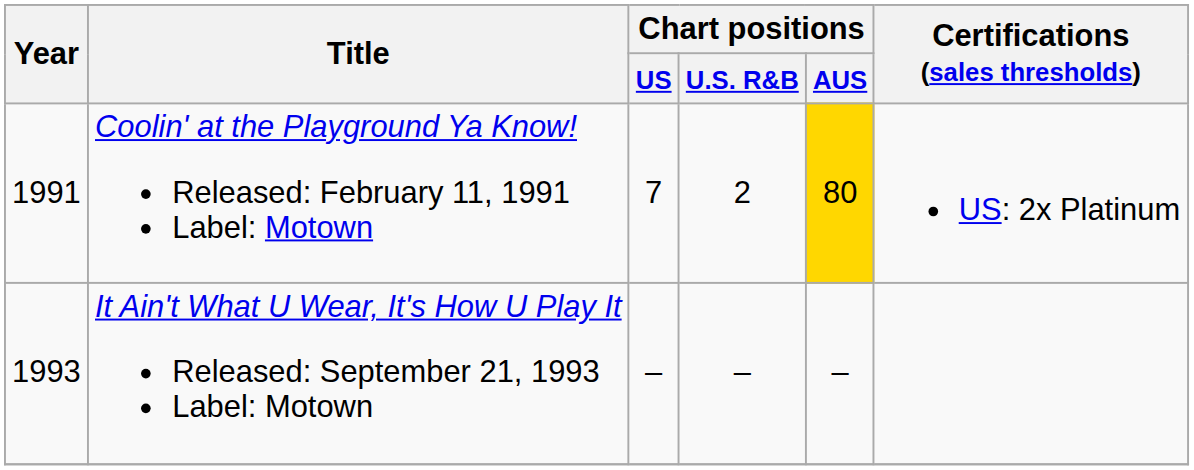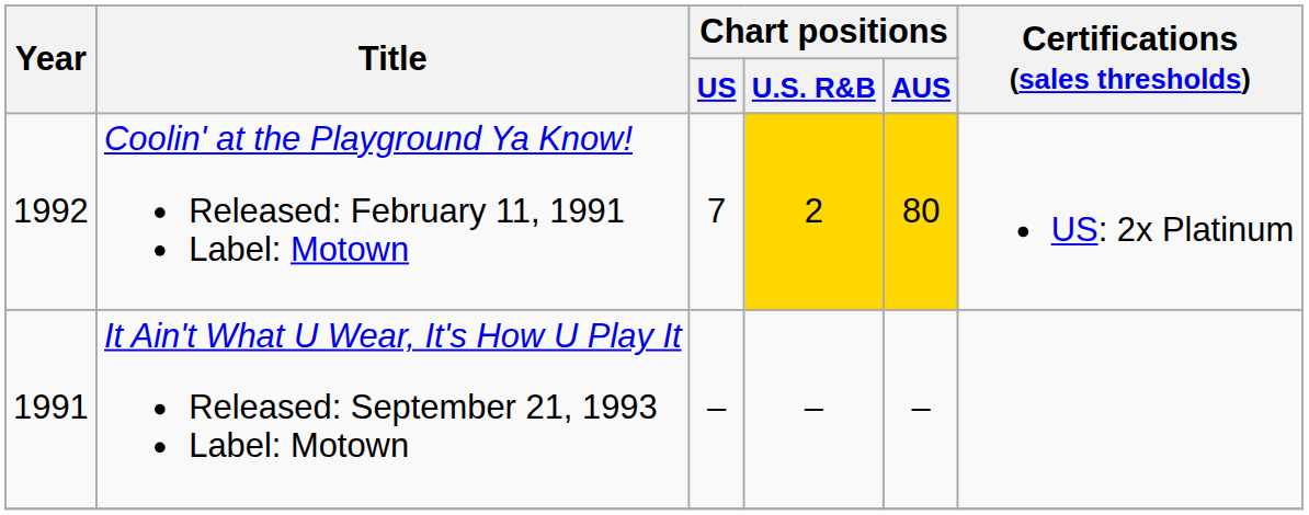 <table class="wikitable">
 <tr>
 <th rowspan="2">Year</th>
 <th rowspan="2">Title</th>
 <th colspan="3">Chart positions</th>
 <th rowspan="2">Certifications<br><small>(<a href='#'>sales thresholds</a>)</small></th>
 </tr>
 <tr>
 <th><small><a href='#'>US</a></small></th>
 <th><small><a href='#'>U.S. R&B</a></small></th>
 <th><small><a href='#'>AUS</a></small><br></th>
 </tr>
 <tr>
-<td>1991</td>
+<td>1992</td>
 <td><em><a href='#'>Coolin' at the Playground Ya Know!</a></em><br><ul><li>Released: February 11, 1991</li><li>Label: <a href='#'>Motown</a></li></ul></td>
 <td align="center">7</td>
-<td align="center">2</td>
+<td align="center" style="background: gold;">2</td>
 <td align="center" style="background: gold;">80</td>
 <td><br><ul><li><a href='#'>US</a>: 2x Platinum</li></ul></td>
 </tr>
 <tr>
-<td>1993</td>
+<td>1991</td>
 <td><em><a href='#'>It Ain't What U Wear, It's How U Play It</a></em><br><ul><li>Released: September 21, 1993</li><li>Label: Motown</li></ul></td>
 <td align="center">–</td>
 <td align="center">–</td>
 <td align="center">–</td>
 <td></td>
 </tr>
 <tr>
 </tr>
 </table>
